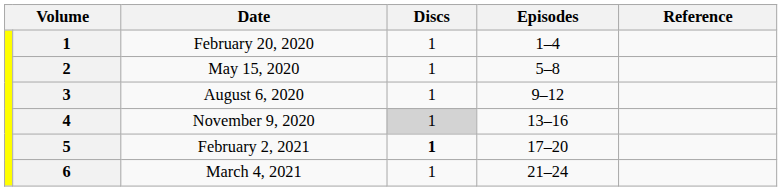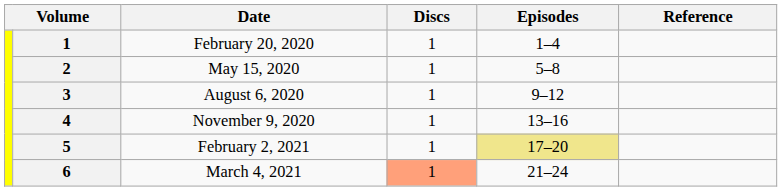 <table class="wikitable" style="text-align: center; width: 60%;">
 <tr>
 <th colspan="2" scope="col" 175px;>Volume</th>
 <th scope="col" 125px;>Date</th>
 <th scope="col">Discs</th>
 <th scope="col">Episodes</th>
 <th scope="col">Reference</th>
 </tr>
 <tr>
 <td rowspan="6" width="1%" style="background: #FFFF00;"></td>
 <th scope="row">1</th>
 <td>February 20, 2020</td>
 <td>1</td>
 <td>1–4</td>
 <td></td>
 </tr>
 <tr>
 <th scope="row">2</th>
 <td>May 15, 2020</td>
 <td>1</td>
 <td>5–8</td>
 <td></td>
 </tr>
 <tr>
 <th scope="row">3</th>
 <td>August 6, 2020</td>
 <td>1</td>
 <td>9–12</td>
 <td></td>
 </tr>
 <tr>
 <th scope="row">4</th>
 <td>November 9, 2020</td>
-<td style="background: lightgrey;">1</td>
+<td>1</td>
 <td>13–16</td>
 <td></td>
 </tr>
 <tr>
 <th scope="row">5</th>
 <td>February 2, 2021</td>
-<td><strong>1</strong></td>
-<td>17–20</td>
+<td>1</td>
+<td style="background: khaki;">17–20</td>
 <td></td>
 </tr>
 <tr>
 <th scope="row">6</th>
 <td>March 4, 2021</td>
-<td>1</td>
+<td style="background: lightsalmon;">1</td>
 <td>21–24</td>
 <td></td>
 </tr>
 </table>
